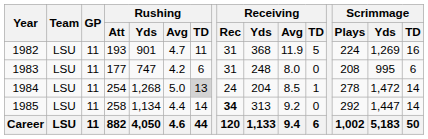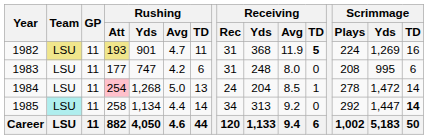 <table class="wikitable" style="text-align:center;">
 <tr>
 <th rowspan=2>Year</th>
 <th rowspan=2>Team</th>
 <th rowspan=2>GP</th>
 <th colspan=4>Rushing</th>
 <th rowspan=7></th>
 <th colspan=4>Receiving</th>
 <th rowspan=7></th>
 <th colspan=4>Scrimmage</th>
 </tr>
 <tr>
 <th>Att</th>
 <th>Yds</th>
 <th>Avg</th>
 <th>TD</th>
 <th>Rec</th>
 <th>Yds</th>
 <th>Avg</th>
 <th>TD</th>
 <th>Plays</th>
 <th>Yds</th>
 <th>TD</th>
 </tr>
 <tr>
 <td>1982</td>
-<td>LSU</td>
+<td style="background: khaki;">LSU</td>
 <td>11</td>
-<td>193</td>
+<td style="background: khaki;">193</td>
 <td>901</td>
 <td>4.7</td>
 <td>11</td>
 <td>31</td>
 <td>368</td>
 <td>11.9</td>
-<td>5</td>
+<td><strong>5</strong></td>
 <td>224</td>
 <td>1,269</td>
 <td>16</td>
 </tr>
 <tr>
 <td>1983</td>
 <td>LSU</td>
 <td>11</td>
 <td>177</td>
 <td>747</td>
 <td>4.2</td>
 <td>6</td>
 <td>31</td>
 <td>248</td>
 <td>8.0</td>
 <td>0</td>
 <td>208</td>
 <td>995</td>
 <td>6</td>
 </tr>
 <tr>
 <td>1984</td>
 <td>LSU</td>
 <td>11</td>
-<td>254</td>
+<td style="background: pink;">254</td>
 <td>1,268</td>
 <td>5.0</td>
-<td style="background: lightgrey;">13</td>
+<td>13</td>
 <td>24</td>
 <td>204</td>
 <td>8.5</td>
 <td>1</td>
 <td>278</td>
 <td>1,472</td>
 <td>14</td>
 </tr>
 <tr>
 <td>1985</td>
-<td>LSU</td>
+<td style="background: paleturquoise;">LSU</td>
 <td>11</td>
 <td>258</td>
 <td>1,134</td>
 <td>4.4</td>
 <td>14</td>
-<td><strong>34</strong></td>
+<td>34</td>
 <td>313</td>
 <td>9.2</td>
 <td>0</td>
 <td>292</td>
 <td>1,447</td>
-<td>14</td>
+<td><strong>14</strong></td>
 </tr>
 <tr>
 <th>Career</th>
 <th>LSU</th>
 <th>11</th>
 <th>882</th>
 <th>4,050</th>
 <th>4.6</th>
 <th>44</th>
 <th>120</th>
 <th>1,133</th>
 <th>9.4</th>
 <th>6</th>
 <th>1,002</th>
 <th>5,183</th>
 <th>50</th>
 </tr>
 </table>
